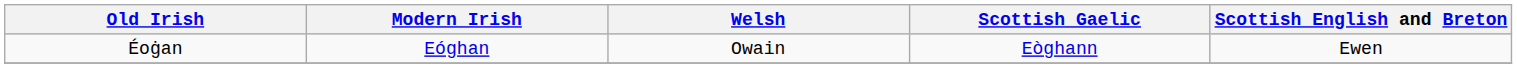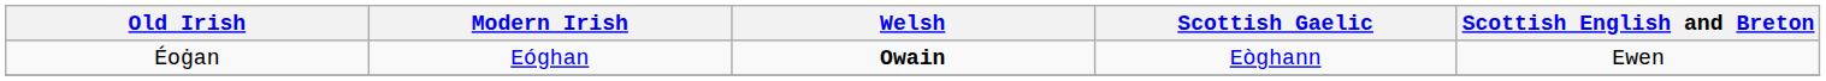 <table class="wikitable" style="text-align:right">
 <tr>
 <th width=20%><a href='#'>Old Irish</a></th>
 <th width=20%><a href='#'>Modern Irish</a></th>
 <th width=20%><a href='#'>Welsh</a></th>
 <th width=20%><a href='#'>Scottish Gaelic</a></th>
 <th width=20%><a href='#'>Scottish English</a> and <a href='#'>Breton</a></th>
 </tr>
 <tr>
 <td align="center">Éoġan</td>
 <td align="center"><a href='#'>Eóghan</a></td>
-<td align="center">Owain</td>
+<td align="center"><strong>Owain</strong></td>
 <td align="center"><a href='#'>Eòghann</a></td>
 <td align="center">Ewen</td>
 </tr>
 <tr>
 </tr>
 </table>
